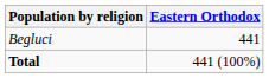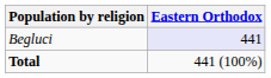 <table class="wikitable sortable">
 <tr>
 <th>Population by religion</th>
 <th><a href='#'>Eastern Orthodox</a></th>
 </tr>
 <tr>
 <td><em>Begluci</em></td>
-<td align="right">441</td>
+<td align="right" style="background: lavender;">441</td>
 </tr>
 <tr>
 <td><strong>Total</strong></td>
 <td align="right">441 (100%)</td>
 </tr>
 </table>
